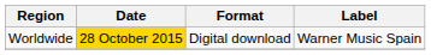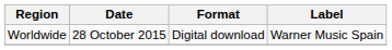 <table class=wikitable>
 <tr>
 <th>Region</th>
 <th>Date</th>
 <th>Format</th>
 <th>Label</th>
 </tr>
 <tr>
 <td>Worldwide</td>
-<td style="background: gold;">28 October 2015</td>
+<td>28 October 2015</td>
 <td>Digital download</td>
 <td>Warner Music Spain</td>
 </tr>
 <tr>
 </tr>
 </table>
